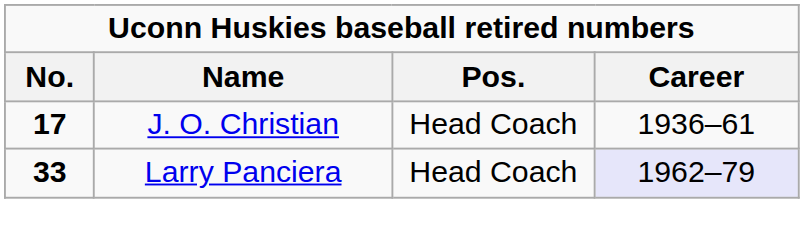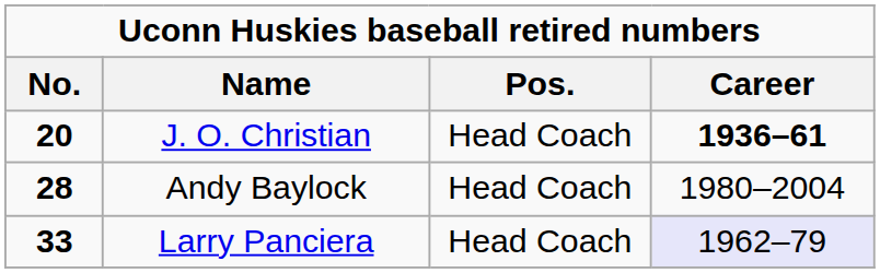 <table class="wikitable sortable" style="text-align:center">
 <tr>
 <td colspan="4"><strong>Uconn Huskies baseball retired numbers</strong></td>
 </tr>
 <tr>
 <th width=40px>No.</th>
 <th width=150px>Name</th>
 <th width=100px>Pos.</th>
 <th width=100px>Career</th>
 </tr>
 <tr>
-<td><strong>17</strong></td>
+<td><strong>20</strong></td>
 <td><a href='#'>J. O. Christian</a></td>
 <td>Head Coach</td>
-<td>1936–61</td>
+<td><strong>1936–61</strong></td>
+</tr>
+<tr>
+<td><strong>28</strong></td>
+<td>Andy Baylock</td>
+<td>Head Coach</td>
+<td>1980–2004</td>
 </tr>
 <tr>
 <td><strong>33</strong></td>
 <td><a href='#'>Larry Panciera</a></td>
 <td>Head Coach</td>
 <td style="background: lavender;">1962–79</td>
 </tr>
 </table>
